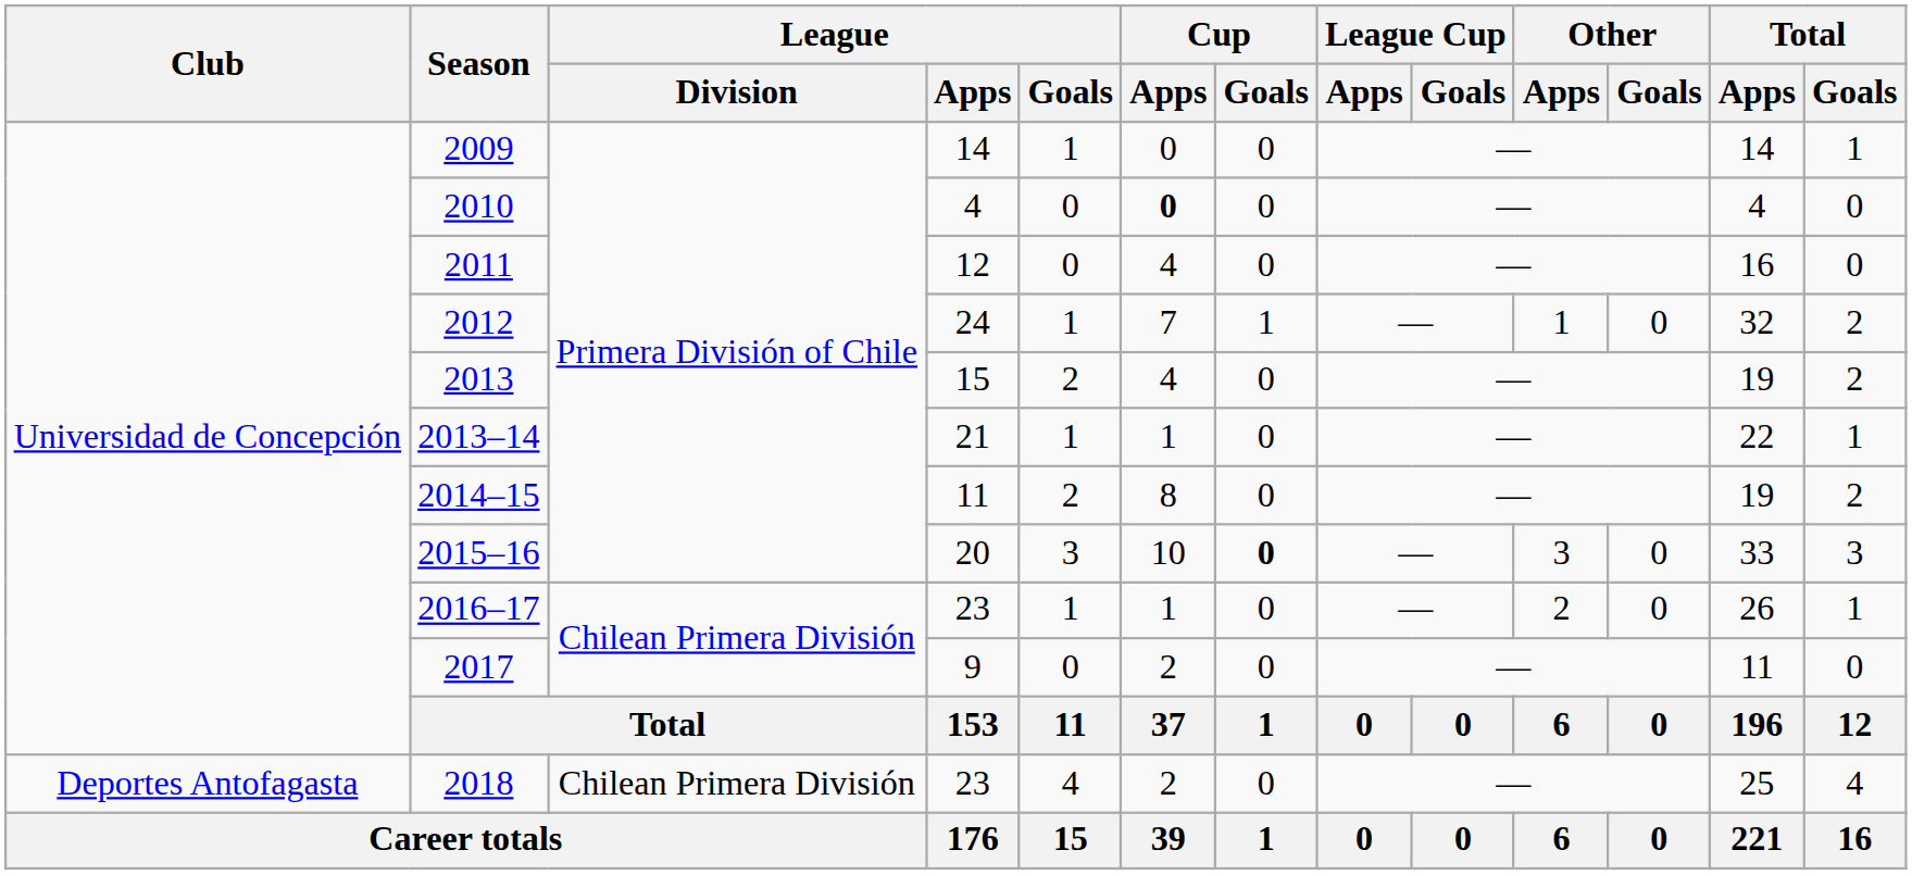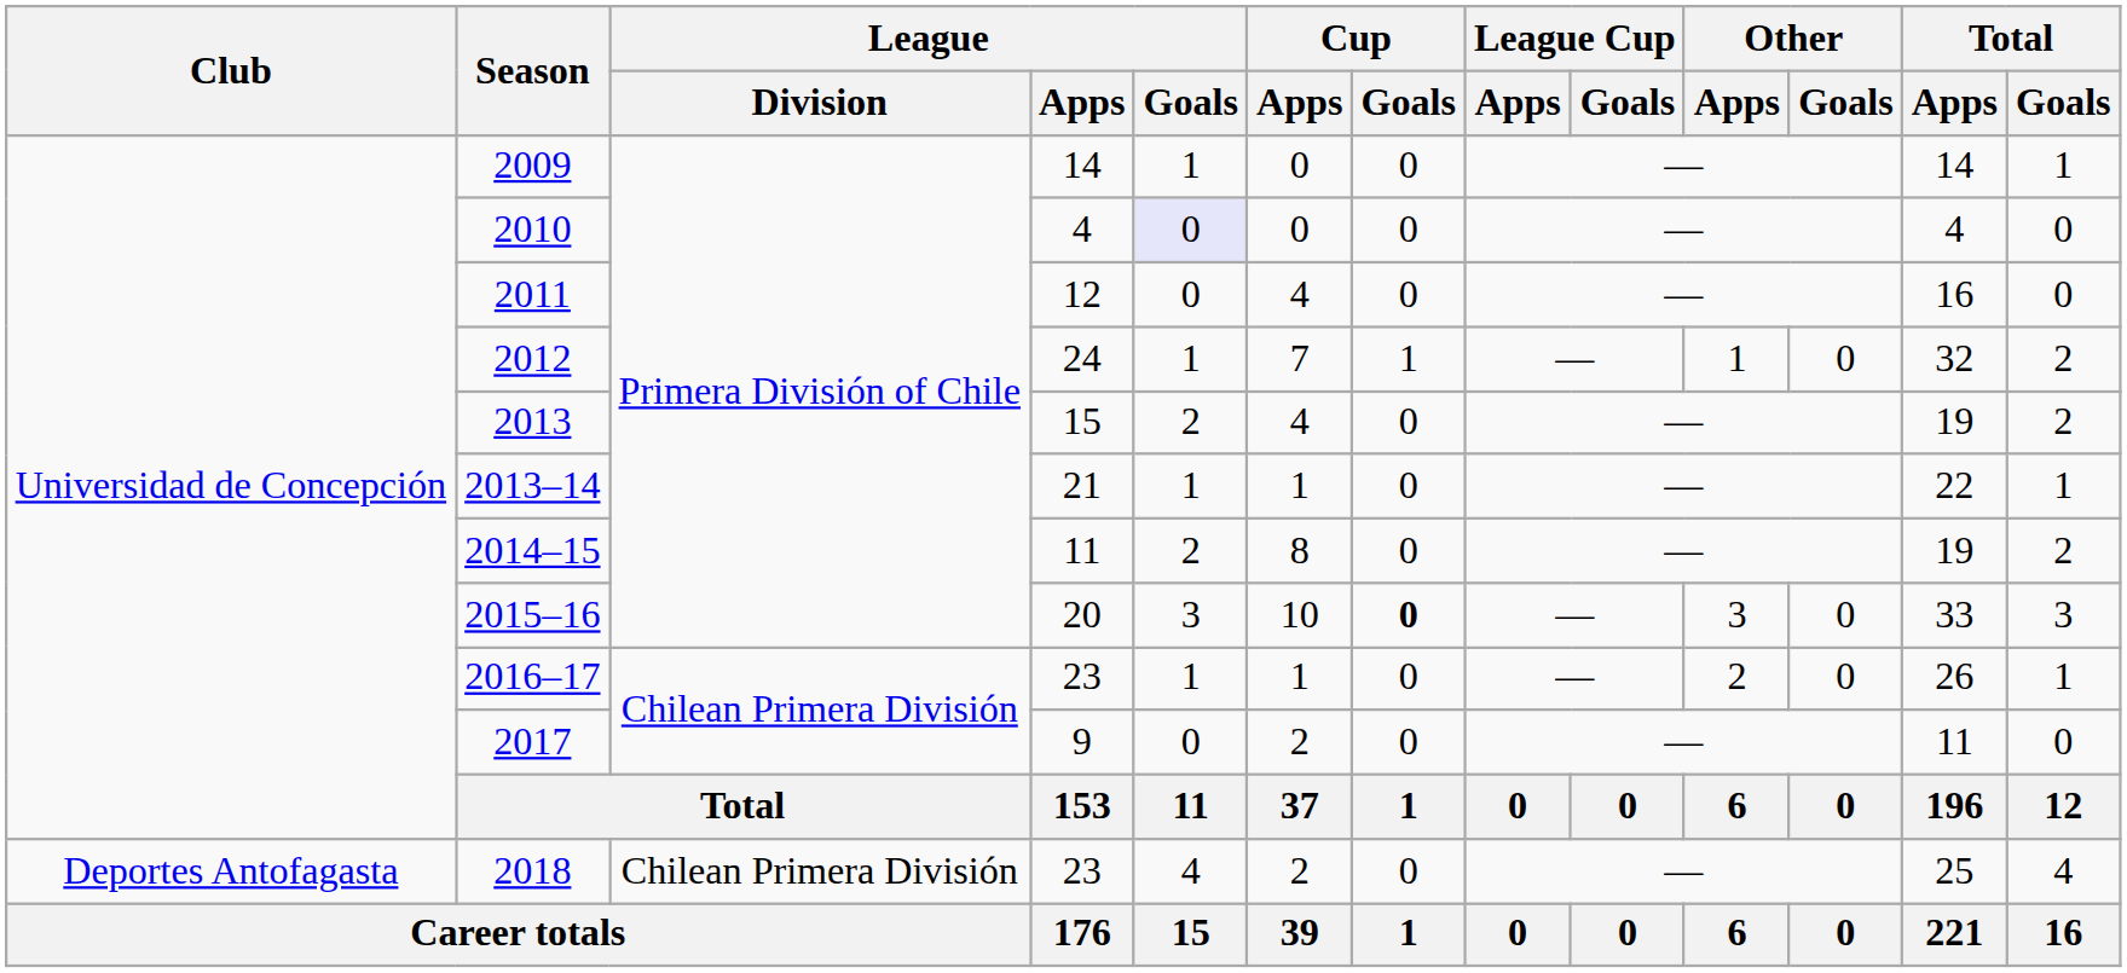 <table class="wikitable" style="font-size:90%; text-align: center">
 <tr>
 <th rowspan=2>Club</th>
 <th rowspan=2>Season</th>
 <th colspan=3>League</th>
 <th colspan=2>Cup</th>
 <th colspan=2>League Cup</th>
 <th colspan=2>Other</th>
 <th colspan=2>Total</th>
 </tr>
 <tr>
 <th>Division</th>
 <th>Apps</th>
 <th>Goals</th>
 <th>Apps</th>
 <th>Goals</th>
 <th>Apps</th>
 <th>Goals</th>
 <th>Apps</th>
 <th>Goals</th>
 <th>Apps</th>
 <th>Goals</th>
 </tr>
 <tr>
 <td rowspan=11><a href='#'>Universidad de Concepción</a></td>
 <td><a href='#'>2009</a></td>
 <td rowspan=8><a href='#'>Primera División of Chile</a></td>
 <td>14</td>
 <td>1</td>
 <td>0</td>
 <td>0</td>
 <td colspan=4>—</td>
 <td>14</td>
 <td>1</td>
 </tr>
 <tr>
 <td><a href='#'>2010</a></td>
 <td>4</td>
+<td style="background: lavender;">0</td>
 <td>0</td>
-<td><strong>0</strong></td>
 <td>0</td>
 <td colspan=4>—</td>
 <td>4</td>
 <td>0</td>
 </tr>
 <tr>
 <td><a href='#'>2011</a></td>
 <td>12</td>
 <td>0</td>
 <td>4</td>
 <td>0</td>
 <td colspan=4>—</td>
 <td>16</td>
 <td>0</td>
 </tr>
 <tr>
 <td><a href='#'>2012</a></td>
 <td>24</td>
 <td>1</td>
 <td>7</td>
 <td>1</td>
 <td colspan=2>—</td>
 <td>1</td>
 <td>0</td>
 <td>32</td>
 <td>2</td>
 </tr>
 <tr>
 <td><a href='#'>2013</a></td>
 <td>15</td>
 <td>2</td>
 <td>4</td>
 <td>0</td>
 <td colspan=4>—</td>
 <td>19</td>
 <td>2</td>
 </tr>
 <tr>
 <td><a href='#'>2013–14</a></td>
 <td>21</td>
 <td>1</td>
 <td>1</td>
 <td>0</td>
 <td colspan=4>—</td>
 <td>22</td>
 <td>1</td>
 </tr>
 <tr>
 <td><a href='#'>2014–15</a></td>
 <td>11</td>
 <td>2</td>
 <td>8</td>
 <td>0</td>
 <td colspan=4>—</td>
 <td>19</td>
 <td>2</td>
 </tr>
 <tr>
 <td><a href='#'>2015–16</a></td>
 <td>20</td>
 <td>3</td>
 <td>10</td>
 <td><strong>0</strong></td>
 <td colspan=2>—</td>
 <td>3</td>
 <td>0</td>
 <td>33</td>
 <td>3</td>
 </tr>
 <tr>
 <td><a href='#'>2016–17</a></td>
 <td rowspan=2><a href='#'>Chilean Primera División</a></td>
 <td>23</td>
 <td>1</td>
 <td>1</td>
 <td>0</td>
 <td colspan=2>—</td>
 <td>2</td>
 <td>0</td>
 <td>26</td>
 <td>1</td>
 </tr>
 <tr>
 <td><a href='#'>2017</a></td>
 <td>9</td>
 <td>0</td>
 <td>2</td>
 <td>0</td>
 <td colspan=4>—</td>
 <td>11</td>
 <td>0</td>
 </tr>
 <tr>
 <th colspan=2>Total</th>
 <th>153</th>
 <th>11</th>
 <th>37</th>
 <th>1</th>
 <th>0</th>
 <th>0</th>
 <th>6</th>
 <th>0</th>
 <th>196</th>
 <th>12</th>
 </tr>
 <tr>
 <td><a href='#'>Deportes Antofagasta</a></td>
 <td><a href='#'>2018</a></td>
 <td>Chilean Primera División</td>
 <td>23</td>
 <td>4</td>
 <td>2</td>
 <td>0</td>
 <td colspan=4>—</td>
 <td>25</td>
 <td>4</td>
 </tr>
 <tr>
 <th colspan=3>Career totals</th>
 <th>176</th>
 <th>15</th>
 <th>39</th>
 <th>1</th>
 <th>0</th>
 <th>0</th>
 <th>6</th>
 <th>0</th>
 <th>221</th>
 <th>16</th>
 </tr>
 </table>
